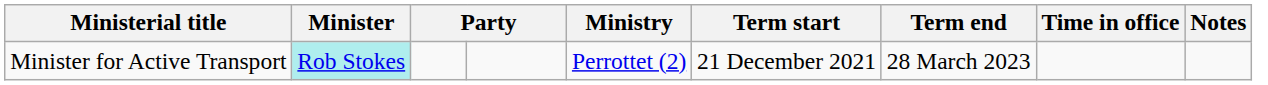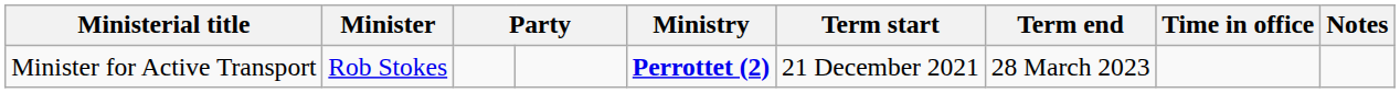 <table class="wikitable sortable">
 <tr>
 <th>Ministerial title</th>
 <th>Minister</th>
 <th colspan=2>Party</th>
 <th>Ministry</th>
 <th>Term start</th>
 <th>Term end</th>
 <th>Time in office</th>
 <th class="unsortable">Notes</th>
 </tr>
 <tr>
 <td>Minister for Active Transport</td>
-<td style="background: paleturquoise;"><a href='#'>Rob Stokes</a></td>
+<td><a href='#'>Rob Stokes</a></td>
 <td> </td>
 <td width=8%></td>
-<td><a href='#'>Perrottet (2)</a></td>
+<td><strong><a href='#'>Perrottet (2)</a></strong></td>
 <td align=center>21 December 2021</td>
 <td align=center>28 March 2023</td>
 <td align=right></td>
 <td></td>
 </tr>
 </table>
